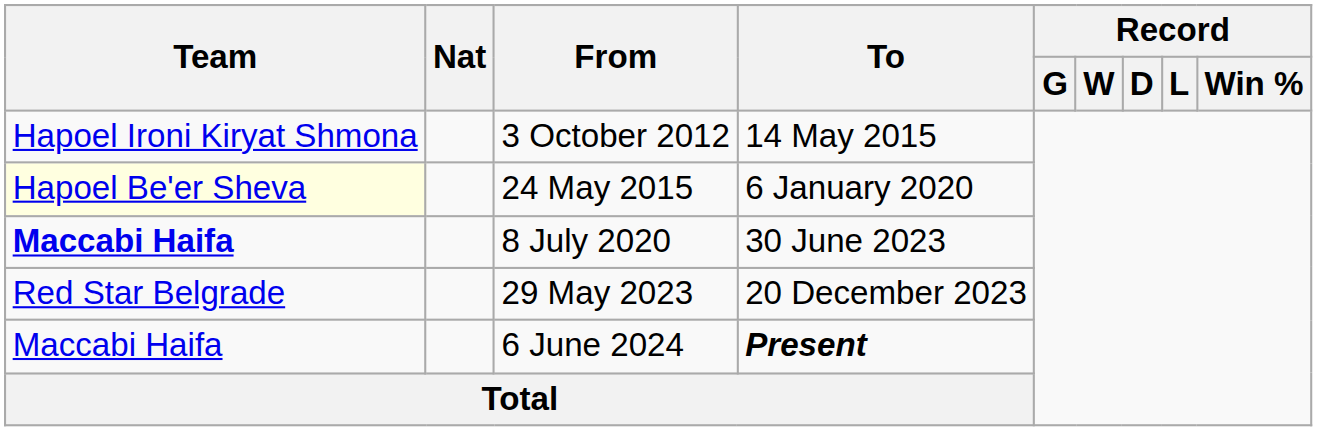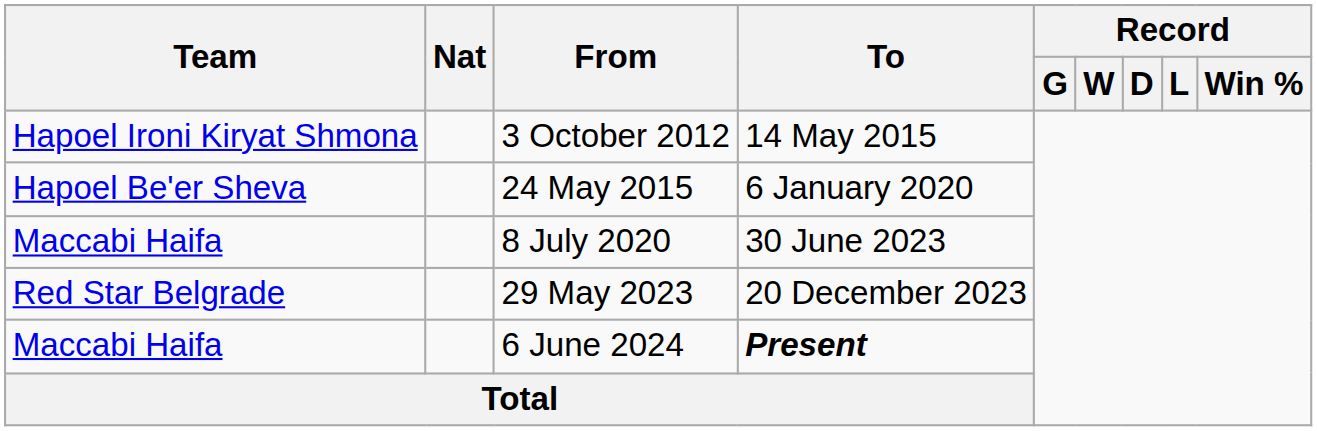 <table class="wikitable" style="text-align: center">
 <tr>
 <th rowspan="2">Team</th>
 <th rowspan="2">Nat</th>
 <th rowspan="2">From</th>
 <th rowspan="2">To</th>
 <th colspan="5">Record</th>
 </tr>
 <tr>
 <th>G</th>
 <th>W</th>
 <th>D</th>
 <th>L</th>
 <th>Win %</th>
 </tr>
 <tr>
 <td align=left><a href='#'>Hapoel Ironi Kiryat Shmona</a></td>
 <td></td>
 <td align=left>3 October 2012</td>
 <td align=left>14 May 2015<br></td>
 </tr>
 <tr>
-<td align=left style="background: lightyellow;"><a href='#'>Hapoel Be'er Sheva</a></td>
+<td align=left><a href='#'>Hapoel Be'er Sheva</a></td>
 <td></td>
 <td align=left>24 May 2015</td>
 <td align=left>6 January 2020<br></td>
 </tr>
 <tr>
-<td align=left><strong><a href='#'>Maccabi Haifa</a></strong></td>
+<td align=left><a href='#'>Maccabi Haifa</a></td>
 <td></td>
 <td align=left>8 July 2020</td>
 <td align=left>30 June 2023<br></td>
 </tr>
 <tr>
 <td align=left><a href='#'>Red Star Belgrade</a></td>
 <td></td>
 <td align=left>29 May 2023</td>
 <td align=left>20 December 2023<br></td>
 </tr>
 <tr>
 <td align=left><a href='#'>Maccabi Haifa</a></td>
 <td></td>
 <td align=left>6 June 2024</td>
 <td align=left><strong><em>Present</em><br></strong></td>
 </tr>
 <tr>
 <th colspan="4">Total<br></th>
 </tr>
 </table>
